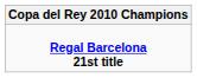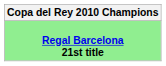 <table class=wikitable style="text-align:center; margin:auto">
 <tr>
 <th>Copa del Rey 2010 Champions</th>
 </tr>
 <tr>
-<td><br> <strong><a href='#'>Regal Barcelona</a></strong> <br> <strong>21st title</strong></td>
+<td style="background: lightgreen;"><br> <strong><a href='#'>Regal Barcelona</a></strong> <br> <strong>21st title</strong></td>
 </tr>
 </table>
